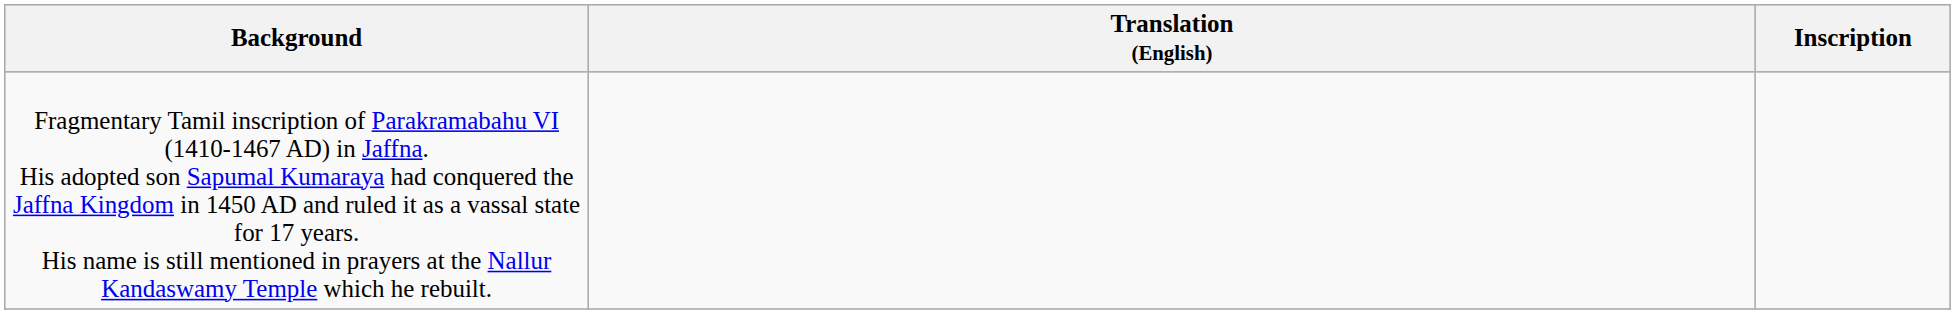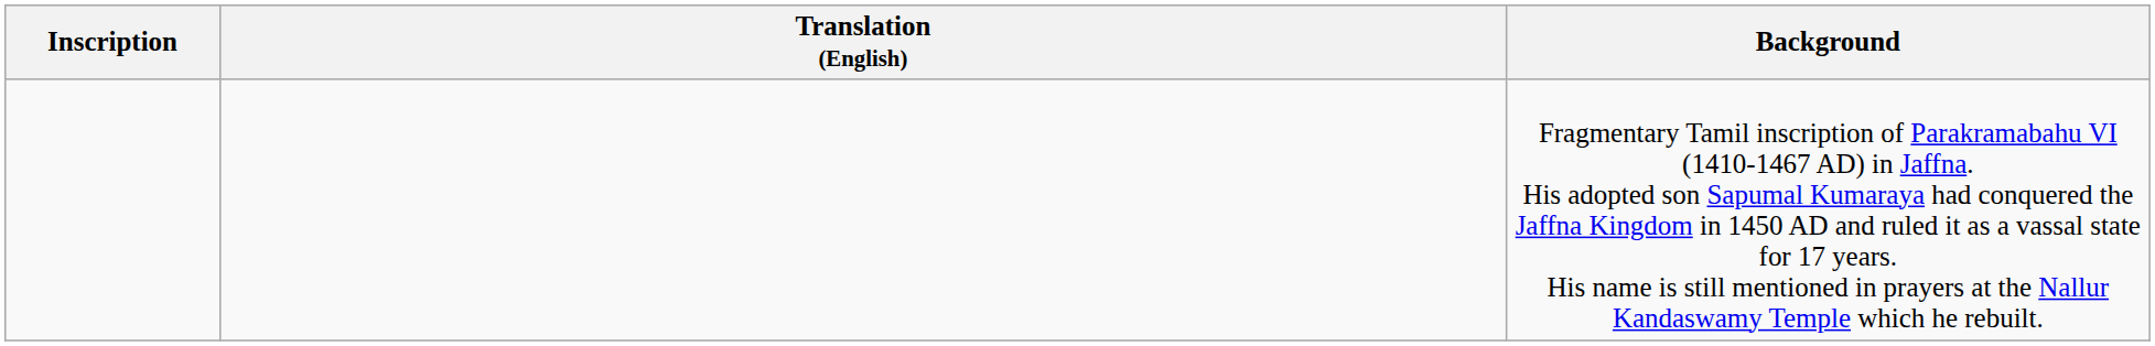 <table class="wikitable centre">
 <tr>
+<th>Inscription<br></th>
+<th>Translation<br><small>(English)</small></th>
 <th scope="col" align=left>Background<br></th>
-<th>Translation<br><small>(English)</small></th>
-<th>Inscription<br></th>
 </tr>
 <tr>
+<td align=center width="10%"></td>
+<td align=left><br></td>
 <td align=center width="30%"><br>Fragmentary Tamil inscription of <a href='#'>Parakramabahu VI</a> (1410-1467 AD) in <a href='#'>Jaffna</a>.<br>His adopted son <a href='#'>Sapumal Kumaraya</a> had conquered the <a href='#'>Jaffna Kingdom</a> in 1450 AD and ruled it as a vassal state for 17 years.<br>His name is still mentioned in prayers at the <a href='#'>Nallur Kandaswamy Temple</a> which he rebuilt.</td>
-<td align=left><br></td>
-<td align=center width="10%"></td>
 </tr>
 </table>
